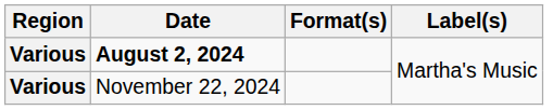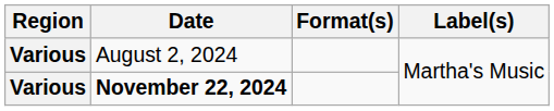 <table class="wikitable plainrowheaders">
 <tr>
 <th scope="col">Region</th>
 <th scope="col">Date</th>
 <th scope="col">Format(s)</th>
 <th scope="col">Label(s)</th>
 </tr>
 <tr>
 <th scope="row">Various</th>
-<td><strong>August 2, 2024</strong></td>
+<td>August 2, 2024</td>
 <td></td>
 <td rowspan="2">Martha's Music</td>
 </tr>
 <tr>
 <th scope="row">Various</th>
-<td>November 22, 2024</td>
+<td><strong>November 22, 2024</strong></td>
 <td></td>
 </tr>
 </table>
